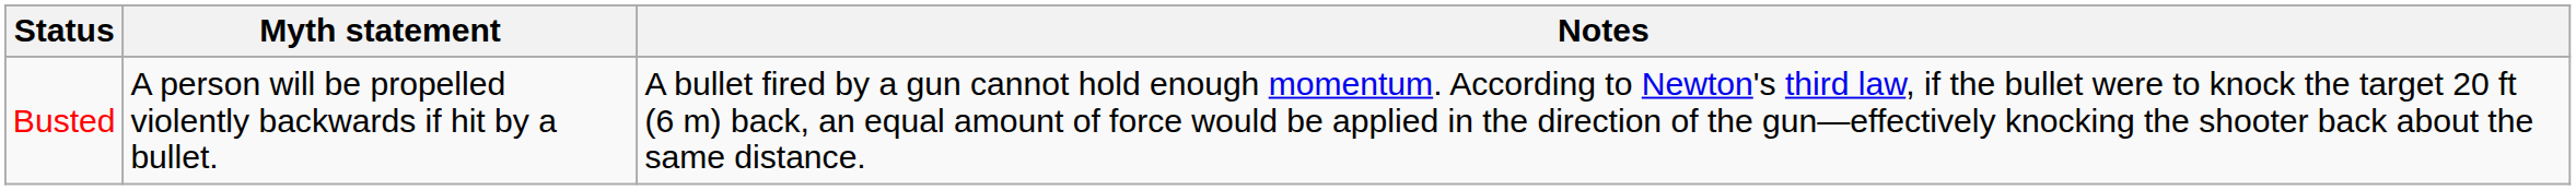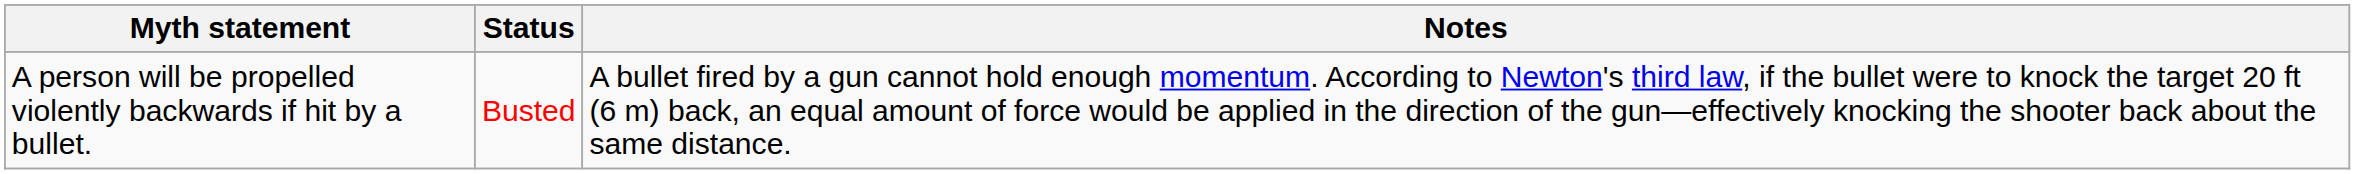 <table class="wikitable plainrowheaders">
 <tr>
+<th>Myth statement</th>
 <th>Status</th>
-<th>Myth statement</th>
 <th>Notes</th>
 </tr>
 <tr>
+<td>A person will be propelled violently backwards if hit by a bullet.</td>
 <td style="color:red">Busted</td>
-<td>A person will be propelled violently backwards if hit by a bullet.</td>
 <td>A bullet fired by a gun cannot hold enough <a href='#'>momentum</a>. According to <a href='#'>Newton</a>'s <a href='#'>third law</a>, if the bullet were to knock the target 20 ft (6 m) back, an equal amount of force would be applied in the direction of the gun—effectively knocking the shooter back about the same distance.</td>
 </tr>
 </table>
